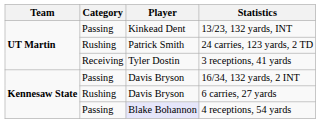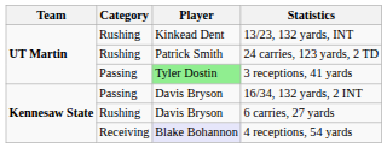 <table class="wikitable" style="float: right;">
 <tr>
 <th>Team</th>
 <th>Category</th>
 <th>Player</th>
 <th>Statistics</th>
 </tr>
 <tr>
 <td rowspan=3><strong>UT Martin</strong></td>
-<td>Passing</td>
+<td>Rushing</td>
 <td>Kinkead Dent</td>
 <td>13/23, 132 yards, INT</td>
 </tr>
 <tr>
 <td>Rushing</td>
 <td>Patrick Smith</td>
 <td>24 carries, 123 yards, 2 TD</td>
 </tr>
 <tr>
-<td>Receiving</td>
-<td>Tyler Dostin</td>
+<td>Passing</td>
+<td style="background: lightgreen;">Tyler Dostin</td>
 <td>3 receptions, 41 yards</td>
 </tr>
 <tr>
 <td rowspan=3><strong>Kennesaw State</strong></td>
 <td>Passing</td>
 <td>Davis Bryson</td>
 <td>16/34, 132 yards, 2 INT</td>
 </tr>
 <tr>
 <td>Rushing</td>
 <td>Davis Bryson</td>
 <td>6 carries, 27 yards</td>
 </tr>
 <tr>
-<td>Passing</td>
+<td>Receiving</td>
 <td style="background: lavender;">Blake Bohannon</td>
 <td>4 receptions, 54 yards</td>
 </tr>
 </table>
